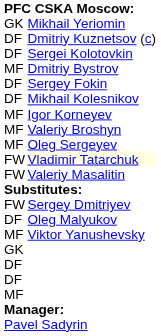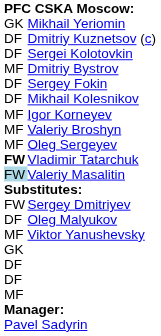 <table style="font-size: 90%" cellspacing="0" cellpadding="0">
 <tr>
 <td colspan="3"><strong>PFC CSKA Moscow:</strong></td>
 </tr>
 <tr>
 <th width="25"></th>
 </tr>
 <tr>
 <td>GK</td>
 <td> <a href='#'>Mikhail Yeriomin</a></td>
 </tr>
 <tr>
 <td>DF</td>
 <td> <a href='#'>Dmitriy Kuznetsov</a>  (<a href='#'>c</a>)</td>
 </tr>
 <tr>
 <td>DF</td>
 <td> <a href='#'>Sergei Kolotovkin</a></td>
 </tr>
 <tr>
 <td>MF</td>
 <td> <a href='#'>Dmitriy Bystrov</a></td>
 </tr>
 <tr>
 <td>DF</td>
 <td> <a href='#'>Sergey Fokin</a> </td>
 </tr>
 <tr>
 <td>DF</td>
 <td> <a href='#'>Mikhail Kolesnikov</a></td>
 </tr>
 <tr>
 <td>MF</td>
 <td> <a href='#'>Igor Korneyev</a></td>
 </tr>
 <tr>
 <td>MF</td>
 <td> <a href='#'>Valeriy Broshyn</a> </td>
 </tr>
 <tr>
 <td>MF</td>
 <td> <a href='#'>Oleg Sergeyev</a></td>
 </tr>
 <tr>
-<td>FW</td>
-<td style="background: lightyellow;"> <a href='#'>Vladimir Tatarchuk</a></td>
+<td><strong>FW</strong></td>
+<td> <a href='#'>Vladimir Tatarchuk</a></td>
 </tr>
 <tr>
-<td>FW</td>
+<td style="background: lightblue;">FW</td>
 <td> <a href='#'>Valeriy Masalitin</a> </td>
 </tr>
 <tr>
 <td colspan=3><strong>Substitutes:</strong></td>
 </tr>
 <tr>
 <td>FW</td>
 <td> <a href='#'>Sergey Dmitriyev</a> </td>
 </tr>
 <tr>
 <td>DF</td>
 <td> <a href='#'>Oleg Malyukov</a> </td>
 </tr>
 <tr>
 <td>MF</td>
 <td> <a href='#'>Viktor Yanushevsky</a> </td>
 </tr>
 <tr>
 <td>GK</td>
 <td></td>
 </tr>
 <tr>
 <td>DF</td>
 <td></td>
 </tr>
 <tr>
 <td>DF</td>
 <td></td>
 </tr>
 <tr>
 <td>MF</td>
 <td></td>
 </tr>
 <tr>
 <td colspan=3><strong>Manager:</strong></td>
 </tr>
 <tr>
 <td colspan="3"> <a href='#'>Pavel Sadyrin</a></td>
 </tr>
 </table>
